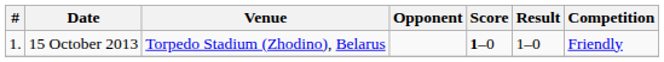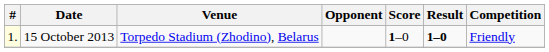 <table class="wikitable" border="1">
 <tr>
 <th>#</th>
 <th>Date</th>
 <th>Venue</th>
 <th>Opponent</th>
 <th>Score</th>
 <th>Result</th>
 <th>Competition</th>
 </tr>
 <tr>
-<td>1.</td>
+<td style="background: lightyellow;">1.</td>
 <td>15 October 2013</td>
 <td><a href='#'>Torpedo Stadium (Zhodino)</a>, <a href='#'>Belarus</a></td>
 <td></td>
 <td><strong>1</strong>–0</td>
-<td>1–0</td>
+<td><strong>1–0</strong></td>
 <td><a href='#'>Friendly</a></td>
 </tr>
 <tr>
 </tr>
 </table>
